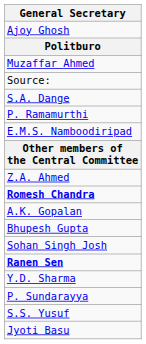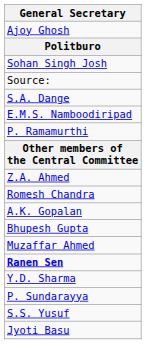 <table class="wikitable mw-collapsible mw-collapsed floatright">
 <tr>
 <th>General Secretary</th>
 </tr>
 <tr>
 <td><a href='#'>Ajoy Ghosh</a></td>
 </tr>
 <tr>
 <th>Politburo</th>
 </tr>
 <tr>
-<td><a href='#'>Muzaffar Ahmed</a></td>
+<td><a href='#'>Sohan Singh Josh</a></td>
 </tr>
 <tr>
 <td>Source:</td>
 </tr>
 <tr>
 <td><a href='#'>S.A. Dange</a></td>
 </tr>
 <tr>
-<td><a href='#'>P. Ramamurthi</a></td>
+<td><a href='#'>E.M.S. Namboodiripad</a></td>
 </tr>
 <tr>
-<td><a href='#'>E.M.S. Namboodiripad</a></td>
+<td><a href='#'>P. Ramamurthi</a></td>
 </tr>
 <tr>
 <th>Other members of<br>the Central Committee</th>
 </tr>
 <tr>
 <td><a href='#'>Z.A. Ahmed</a></td>
 </tr>
 <tr>
-<td><strong><a href='#'>Romesh Chandra</a><br></strong></td>
+<td><a href='#'>Romesh Chandra</a><br></td>
 </tr>
 <tr>
 <td><a href='#'>A.K. Gopalan</a></td>
 </tr>
 <tr>
 <td><a href='#'>Bhupesh Gupta</a></td>
 </tr>
 <tr>
-<td><a href='#'>Sohan Singh Josh</a></td>
+<td><a href='#'>Muzaffar Ahmed</a></td>
 </tr>
 <tr>
 <td><strong><a href='#'>Ranen Sen</a></strong></td>
 </tr>
 <tr>
 <td><a href='#'>Y.D. Sharma</a></td>
 </tr>
 <tr>
 <td><a href='#'>P. Sundarayya</a></td>
 </tr>
 <tr>
 <td><a href='#'>S.S. Yusuf</a></td>
 </tr>
 <tr>
 <td><a href='#'>Jyoti Basu</a></td>
 </tr>
 </table>
